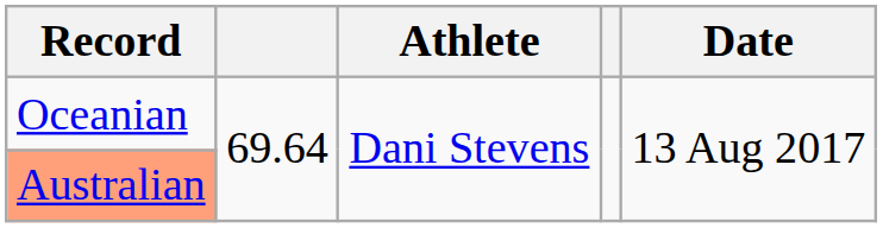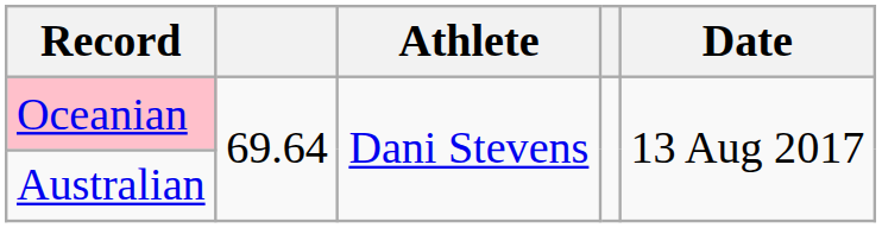 <table class="wikitable">
 <tr>
 <th>Record</th>
 <th></th>
 <th>Athlete</th>
 <th></th>
 <th>Date</th>
 </tr>
 <tr>
-<td><a href='#'>Oceanian</a></td>
+<td style="background: pink;"><a href='#'>Oceanian</a></td>
 <td rowspan=2>69.64</td>
 <td rowspan=2><a href='#'>Dani Stevens</a></td>
 <td rowspan=2></td>
 <td rowspan=2 align=right>13 Aug 2017</td>
 </tr>
 <tr>
-<td style="background: lightsalmon;"><a href='#'>Australian</a></td>
+<td><a href='#'>Australian</a></td>
 </tr>
 </table>
